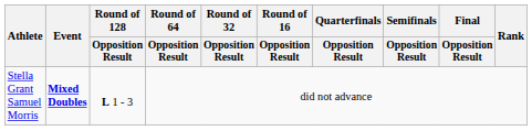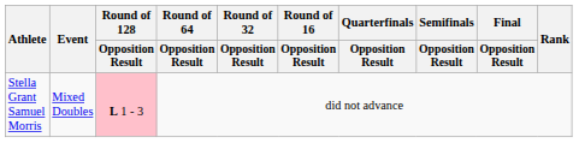 <table class="wikitable" style="font-size:90%">
 <tr>
 <th rowspan=2>Athlete</th>
 <th rowspan=2>Event</th>
 <th>Round of 128</th>
 <th>Round of 64</th>
 <th>Round of 32</th>
 <th>Round of 16</th>
 <th>Quarterfinals</th>
 <th>Semifinals</th>
 <th>Final</th>
 <th rowspan=2>Rank</th>
 </tr>
 <tr style="font-size:95%">
 <th>Opposition<br>Result</th>
 <th>Opposition<br>Result</th>
 <th>Opposition<br>Result</th>
 <th>Opposition<br>Result</th>
 <th>Opposition<br>Result</th>
 <th>Opposition<br>Result</th>
 <th>Opposition<br>Result</th>
 </tr>
 <tr align=center>
 <td align=left><a href='#'>Stella Grant</a><br><a href='#'>Samuel Morris</a></td>
-<td align=left><strong><a href='#'>Mixed Doubles</a></strong></td>
-<td><br><strong>L</strong> 1 - 3</td>
+<td align=left><a href='#'>Mixed Doubles</a></td>
+<td style="background: pink;"><br><strong>L</strong> 1 - 3</td>
 <td colspan=7>did not advance</td>
 </tr>
 </table>
